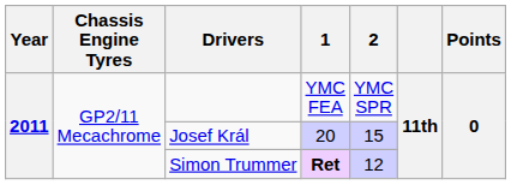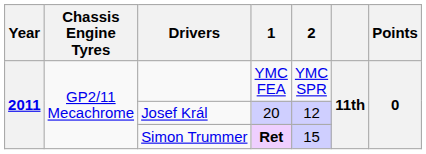 <table class="wikitable" style="text-align:center; font-size:85%;">
 <tr>
 <th>Year</th>
 <th>Chassis<br>Engine<br>Tyres</th>
 <th>Drivers</th>
 <th>1</th>
 <th>2</th>
 <th></th>
 <th>Points</th>
 </tr>
 <tr>
 <th rowspan=3><a href='#'>2011</a></th>
 <td rowspan=3><a href='#'>GP2/11</a><br><a href='#'>Mecachrome</a><br></td>
 <td></td>
 <td><a href='#'>YMC<br>FEA</a></td>
 <td><a href='#'>YMC<br>SPR</a></td>
 <th rowspan=3>11th</th>
 <th rowspan=3>0</th>
 </tr>
 <tr>
 <td align=left> <a href='#'>Josef Král</a></td>
 <td bgcolor="#CFCFFF">20</td>
-<td bgcolor="#CFCFFF">15</td>
+<td bgcolor="#CFCFFF">12</td>
 </tr>
 <tr>
 <td align=left> <a href='#'>Simon Trummer</a></td>
 <td bgcolor="#EFCFFF"><strong>Ret</strong></td>
-<td bgcolor="#CFCFFF">12</td>
+<td bgcolor="#CFCFFF">15</td>
 </tr>
 </table>
